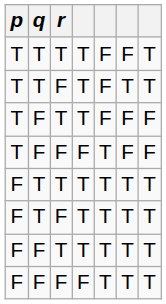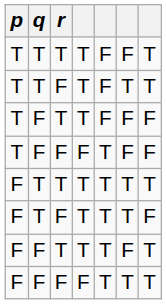 <table class="wikitable" style="margin:1em auto; text-align:center;">
 <tr>
 <th><em>p</em></th>
 <th><em>q</em></th>
 <th><em>r</em></th>
 <th></th>
 <th></th>
 <th></th>
 <th></th>
 </tr>
 <tr>
 <td>T</td>
 <td>T</td>
 <td>T</td>
 <td>T</td>
 <td>F</td>
 <td>F</td>
 <td>T</td>
 </tr>
 <tr>
 <td>T</td>
 <td>T</td>
 <td>F</td>
 <td>T</td>
 <td>F</td>
 <td>T</td>
 <td>T</td>
 </tr>
 <tr>
 <td>T</td>
 <td>F</td>
 <td>T</td>
 <td>T</td>
 <td>F</td>
 <td>F</td>
 <td>F</td>
 </tr>
 <tr>
 <td>T</td>
 <td>F</td>
 <td>F</td>
 <td>F</td>
 <td>T</td>
 <td>F</td>
 <td>F</td>
 </tr>
 <tr>
 <td>F</td>
 <td>T</td>
 <td>T</td>
 <td>T</td>
 <td>T</td>
 <td>T</td>
 <td>T</td>
 </tr>
 <tr>
 <td>F</td>
 <td>T</td>
 <td>F</td>
 <td>T</td>
 <td>T</td>
 <td>T</td>
-<td>T</td>
+<td>F</td>
 </tr>
 <tr>
 <td>F</td>
 <td>F</td>
 <td>T</td>
 <td>T</td>
 <td>T</td>
-<td>T</td>
+<td>F</td>
 <td>T</td>
 </tr>
 <tr>
 <td>F</td>
 <td>F</td>
 <td>F</td>
 <td>F</td>
 <td>T</td>
 <td>T</td>
 <td>T</td>
 </tr>
 </table>
